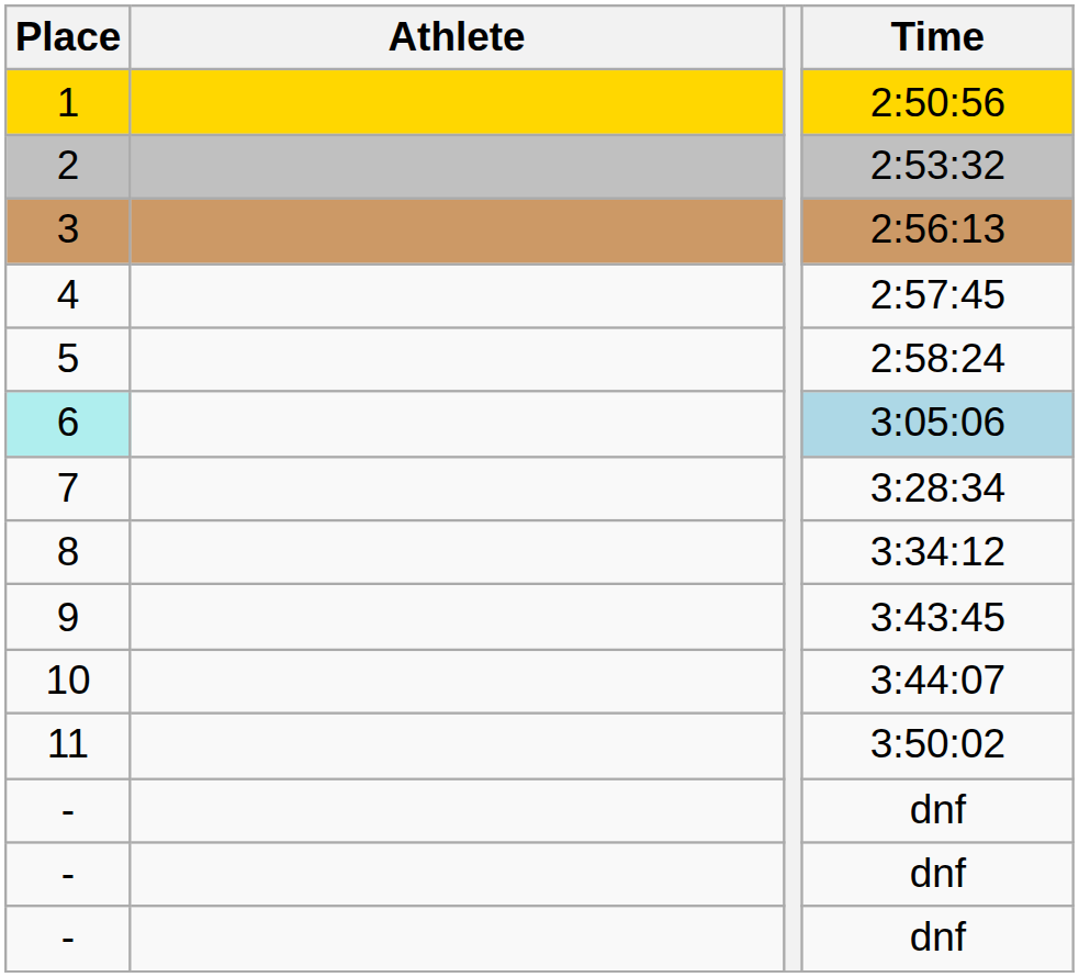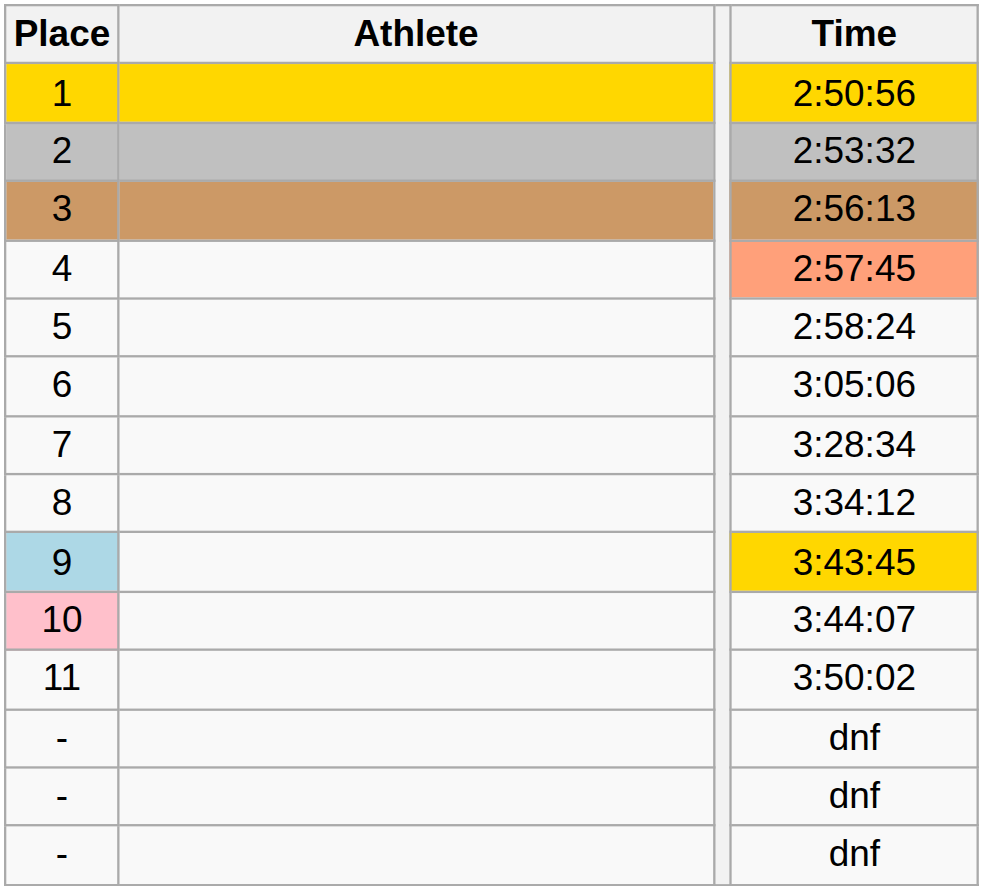 <table class="wikitable" style="text-align:center">
 <tr>
 <th>Place</th>
 <th width=250>Athlete</th>
 <th rowspan=27></th>
 <th width=100>Time</th>
 </tr>
 <tr bgcolor=gold>
 <td>1</td>
 <td align=left></td>
 <td>2:50:56</td>
 </tr>
 <tr bgcolor=silver>
 <td>2</td>
 <td align=left></td>
 <td>2:53:32</td>
 </tr>
 <tr bgcolor=cc9966>
 <td>3</td>
 <td align=left></td>
 <td>2:56:13</td>
 </tr>
 <tr>
 <td>4</td>
 <td align=left></td>
-<td>2:57:45</td>
+<td style="background: lightsalmon;">2:57:45</td>
 </tr>
 <tr>
 <td>5</td>
 <td align=left></td>
 <td>2:58:24</td>
 </tr>
 <tr>
-<td style="background: paleturquoise;">6</td>
+<td>6</td>
 <td align=left></td>
-<td style="background: lightblue;">3:05:06</td>
+<td>3:05:06</td>
 </tr>
 <tr>
 <td>7</td>
 <td align=left></td>
 <td>3:28:34</td>
 </tr>
 <tr>
 <td>8</td>
 <td align=left></td>
 <td>3:34:12</td>
 </tr>
 <tr>
-<td>9</td>
+<td style="background: lightblue;">9</td>
 <td align=left></td>
-<td>3:43:45</td>
+<td style="background: gold;">3:43:45</td>
 </tr>
 <tr>
-<td>10</td>
+<td style="background: pink;">10</td>
 <td align=left></td>
 <td>3:44:07</td>
 </tr>
 <tr>
 <td>11</td>
 <td align=left></td>
 <td>3:50:02</td>
 </tr>
 <tr>
 <td>-</td>
 <td align=left></td>
 <td>dnf</td>
 </tr>
 <tr>
 <td>-</td>
 <td align=left></td>
 <td>dnf</td>
 </tr>
 <tr>
 <td>-</td>
 <td align=left></td>
 <td>dnf</td>
 </tr>
 <tr>
 </tr>
 </table>
